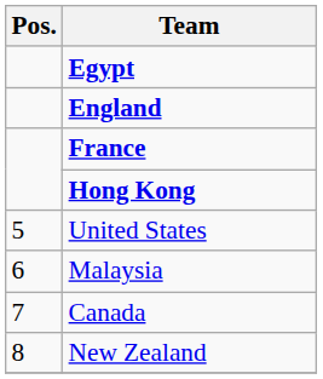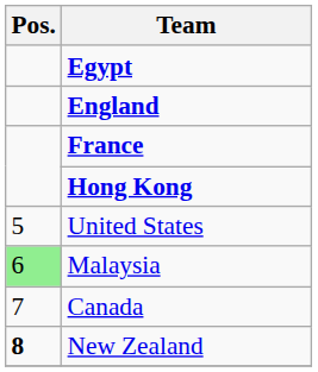 <table class="wikitable">
 <tr>
 <th>Pos.</th>
 <th width="150">Team</th>
 </tr>
 <tr>
 <td></td>
 <td> <strong><a href='#'>Egypt</a></strong></td>
 </tr>
 <tr>
 <td></td>
 <td> <strong><a href='#'>England</a></strong></td>
 </tr>
 <tr>
 <td rowspan="2"></td>
 <td> <strong><a href='#'>France</a></strong></td>
 </tr>
 <tr>
 <td> <strong><a href='#'>Hong Kong</a></strong></td>
 </tr>
 <tr>
 <td>5</td>
 <td> <a href='#'>United States</a></td>
 </tr>
 <tr>
-<td>6</td>
+<td style="background: lightgreen;">6</td>
 <td> <a href='#'>Malaysia</a></td>
 </tr>
 <tr>
 <td>7</td>
 <td> <a href='#'>Canada</a></td>
 </tr>
 <tr>
-<td>8</td>
+<td><strong>8</strong></td>
 <td> <a href='#'>New Zealand</a></td>
 </tr>
 <tr>
 </tr>
 </table>
